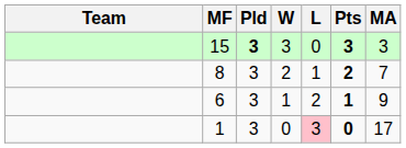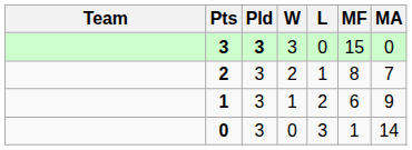 <table class=wikitable style="text-align:center">
 <tr>
 <th width=175>Team</th>
-<th width=20>MF</th>
+<th width=20>Pts</th>
 <th width=20>Pld</th>
 <th width=20>W</th>
 <th width=20>L</th>
-<th width=20>Pts</th>
+<th width=20>MF</th>
 <th width=20>MA</th>
 </tr>
 <tr bgcolor=#ccffcc>
 <td style="text-align:left"></td>
-<td>15</td>
+<td><strong>3</strong></td>
 <td><strong>3</strong></td>
 <td>3</td>
 <td>0</td>
-<td><strong>3</strong></td>
-<td>3</td>
+<td>15</td>
+<td>0</td>
 </tr>
 <tr>
 <td style="text-align:left"></td>
-<td>8</td>
+<td><strong>2</strong></td>
 <td>3</td>
 <td>2</td>
 <td>1</td>
-<td><strong>2</strong></td>
+<td>8</td>
 <td>7</td>
 </tr>
 <tr>
 <td style="text-align:left"></td>
-<td>6</td>
+<td><strong>1</strong></td>
 <td>3</td>
 <td>1</td>
 <td>2</td>
-<td><strong>1</strong></td>
+<td>6</td>
 <td>9</td>
 </tr>
 <tr>
 <td style="text-align:left"></td>
-<td>1</td>
+<td><strong>0</strong></td>
 <td>3</td>
 <td>0</td>
-<td style="background: pink;">3</td>
-<td><strong>0</strong></td>
-<td>17</td>
+<td>3</td>
+<td>1</td>
+<td>14</td>
 </tr>
 </table>
